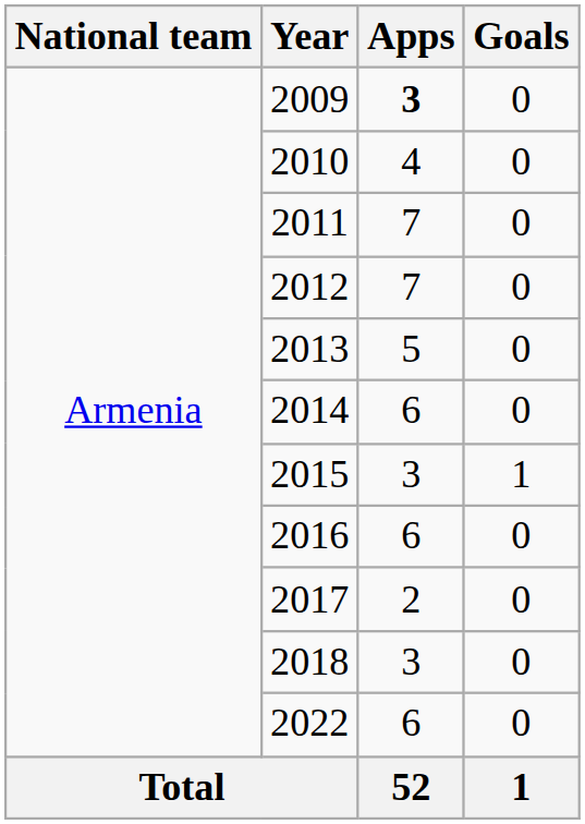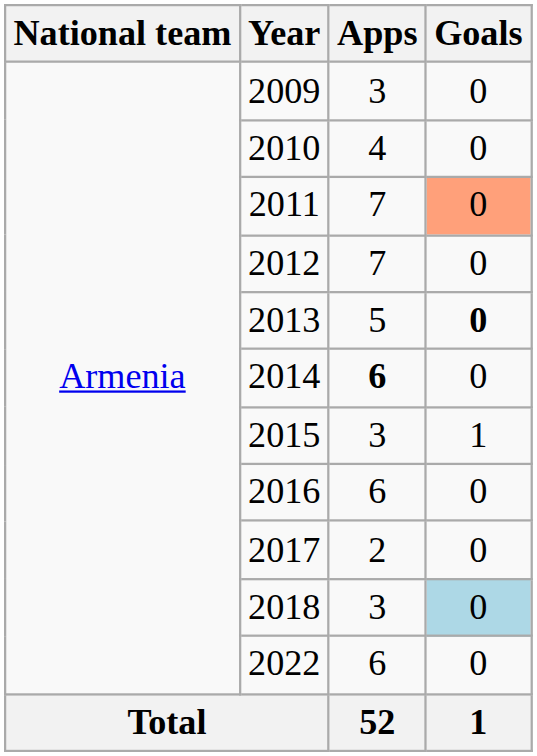 <table class="wikitable" style="text-align:center">
 <tr>
 <th>National team</th>
 <th>Year</th>
 <th>Apps</th>
 <th>Goals</th>
 </tr>
 <tr>
 <td rowspan="11"><a href='#'>Armenia</a></td>
 <td>2009</td>
-<td><strong>3</strong></td>
+<td>3</td>
 <td>0</td>
 </tr>
 <tr>
 <td>2010</td>
 <td>4</td>
 <td>0</td>
 </tr>
 <tr>
 <td>2011</td>
 <td>7</td>
-<td>0</td>
+<td style="background: lightsalmon;">0</td>
 </tr>
 <tr>
 <td>2012</td>
 <td>7</td>
 <td>0</td>
 </tr>
 <tr>
 <td>2013</td>
 <td>5</td>
-<td>0</td>
+<td><strong>0</strong></td>
 </tr>
 <tr>
 <td>2014</td>
-<td>6</td>
+<td><strong>6</strong></td>
 <td>0</td>
 </tr>
 <tr>
 <td>2015</td>
 <td>3</td>
 <td>1</td>
 </tr>
 <tr>
 <td>2016</td>
 <td>6</td>
 <td>0</td>
 </tr>
 <tr>
 <td>2017</td>
 <td>2</td>
 <td>0</td>
 </tr>
 <tr>
 <td>2018</td>
 <td>3</td>
-<td>0</td>
+<td style="background: lightblue;">0</td>
 </tr>
 <tr>
 <td>2022</td>
 <td>6</td>
 <td>0</td>
 </tr>
 <tr>
 <th colspan="2">Total</th>
 <th>52</th>
 <th>1</th>
 </tr>
 </table>
